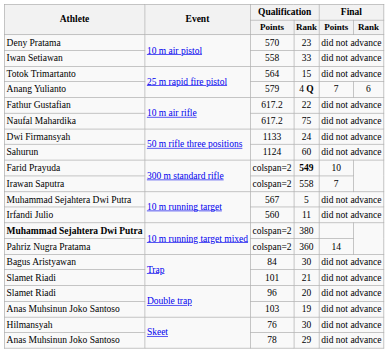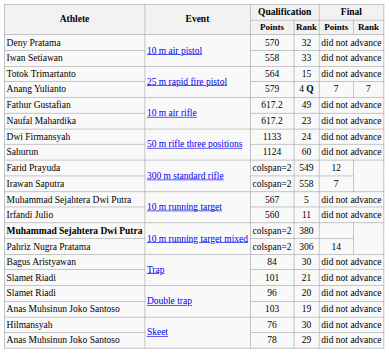 <table class=wikitable style=font-size:90%;text-align:center>
 <tr>
 <th rowspan="2">Athlete</th>
 <th rowspan="2">Event</th>
 <th colspan=2>Qualification</th>
 <th colspan=2>Final</th>
 </tr>
 <tr style="font-size:95%">
 <th>Points</th>
 <th>Rank</th>
 <th>Points</th>
 <th>Rank</th>
 </tr>
 <tr>
 <td align=left>Deny Pratama</td>
 <td align=left rowspan=2><a href='#'>10 m air pistol</a></td>
 <td>570</td>
-<td>23</td>
+<td>32</td>
 <td colspan=2>did not advance</td>
 </tr>
 <tr>
 <td align=left>Iwan Setiawan</td>
 <td>558</td>
 <td>33</td>
 <td colspan=2>did not advance</td>
 </tr>
 <tr>
 <td align=left>Totok Trimartanto</td>
 <td align=left rowspan=2><a href='#'>25 m rapid fire pistol</a></td>
 <td>564</td>
 <td>15</td>
 <td colspan=2>did not advance</td>
 </tr>
 <tr>
 <td align=left>Anang Yulianto</td>
 <td>579</td>
 <td>4 <strong>Q</strong></td>
 <td>7</td>
-<td>6</td>
+<td>7</td>
 </tr>
 <tr>
 <td align=left>Fathur Gustafian</td>
 <td align=left rowspan=2><a href='#'>10 m air rifle</a></td>
 <td>617.2</td>
-<td>22</td>
+<td>49</td>
 <td colspan=2>did not advance</td>
 </tr>
 <tr>
 <td align=left>Naufal Mahardika</td>
 <td>617.2</td>
-<td>75</td>
+<td>23</td>
 <td colspan=2>did not advance</td>
 </tr>
 <tr>
 <td align=left>Dwi Firmansyah</td>
 <td align=left rowspan=2><a href='#'>50 m rifle three positions</a></td>
 <td>1133</td>
 <td>24</td>
 <td colspan=2>did not advance</td>
 </tr>
 <tr>
 <td align=left>Sahurun</td>
 <td>1124</td>
 <td>60</td>
 <td colspan=2>did not advance</td>
 </tr>
 <tr>
 <td align=left>Farid Prayuda</td>
 <td align=left rowspan=2><a href='#'>300 m standard rifle</a></td>
 <td>colspan=2 </td>
-<td><strong>549</strong></td>
-<td>10</td>
+<td>549</td>
+<td>12</td>
 </tr>
 <tr>
 <td align=left>Irawan Saputra</td>
 <td>colspan=2 </td>
 <td>558</td>
 <td>7</td>
 </tr>
 <tr>
 <td align=left>Muhammad Sejahtera Dwi Putra</td>
 <td align=left rowspan=2><a href='#'>10 m running target</a></td>
 <td>567</td>
 <td>5</td>
 <td colspan=2>did not advance</td>
 </tr>
 <tr>
 <td align=left>Irfandi Julio</td>
 <td>560</td>
 <td>11</td>
 <td colspan=2>did not advance</td>
 </tr>
 <tr>
 <td align=left><strong>Muhammad Sejahtera Dwi Putra</strong></td>
 <td align=left rowspan=2><a href='#'>10 m running target mixed</a></td>
 <td>colspan=2 </td>
 <td>380</td>
 <td></td>
 </tr>
 <tr>
 <td align=left>Pahriz Nugra Pratama</td>
 <td>colspan=2 </td>
-<td>360</td>
+<td>306</td>
 <td>14</td>
 </tr>
 <tr>
 <td align=left>Bagus Aristyawan</td>
 <td align=left rowspan=2><a href='#'>Trap</a></td>
 <td>84</td>
 <td>30</td>
 <td colspan=2>did not advance</td>
 </tr>
 <tr>
 <td align=left>Slamet Riadi</td>
 <td>101</td>
 <td>21</td>
 <td colspan=2>did not advance</td>
 </tr>
 <tr>
 <td align=left>Slamet Riadi</td>
 <td align=left rowspan=2><a href='#'>Double trap</a></td>
 <td>96</td>
 <td>20</td>
 <td colspan=2>did not advance</td>
 </tr>
 <tr>
 <td align=left>Anas Muhsinun Joko Santoso</td>
 <td>103</td>
 <td>19</td>
 <td colspan=2>did not advance</td>
 </tr>
 <tr>
 <td align=left>Hilmansyah</td>
 <td align=left rowspan=2><a href='#'>Skeet</a></td>
 <td>76</td>
 <td>30</td>
 <td colspan=2>did not advance</td>
 </tr>
 <tr>
 <td align=left>Anas Muhsinun Joko Santoso</td>
 <td>78</td>
 <td>29</td>
 <td colspan=2>did not advance</td>
 </tr>
 </table>
